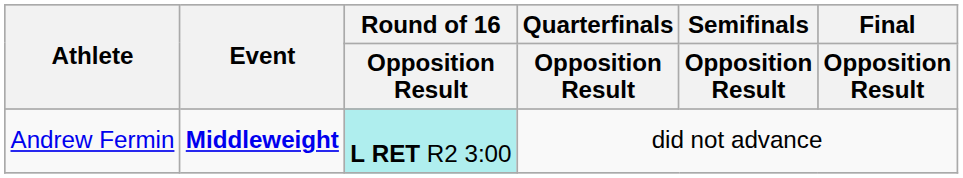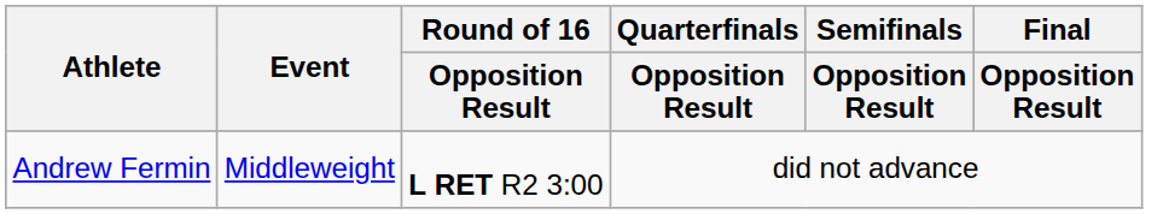 <table class="wikitable" border="1" style="font-size:90%">
 <tr>
 <th rowspan=2>Athlete</th>
 <th rowspan=2>Event</th>
 <th>Round of 16</th>
 <th>Quarterfinals</th>
 <th>Semifinals</th>
 <th>Final</th>
 </tr>
 <tr>
 <th>Opposition<br>Result</th>
 <th>Opposition<br>Result</th>
 <th>Opposition<br>Result</th>
 <th>Opposition<br>Result</th>
 </tr>
 <tr>
 <td><a href='#'>Andrew Fermin</a></td>
-<td><strong><a href='#'>Middleweight</a></strong></td>
-<td align=center style="background: paleturquoise;"><br><strong>L</strong> <strong>RET</strong> R2 3:00</td>
+<td><a href='#'>Middleweight</a></td>
+<td align=center><br><strong>L</strong> <strong>RET</strong> R2 3:00</td>
 <td align=center colspan="7">did not advance</td>
 </tr>
 </table>
